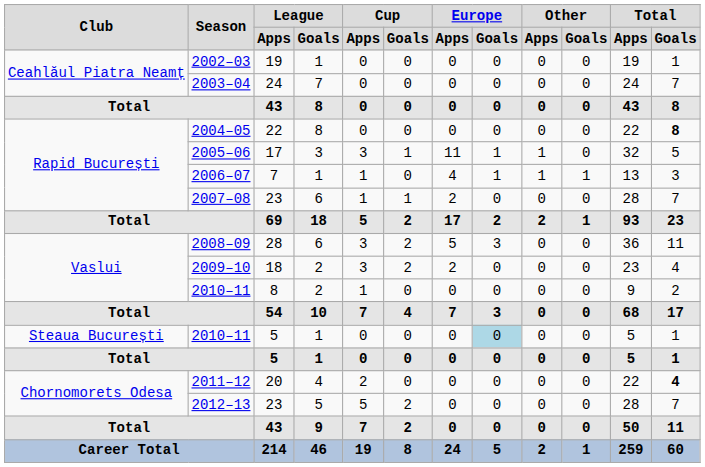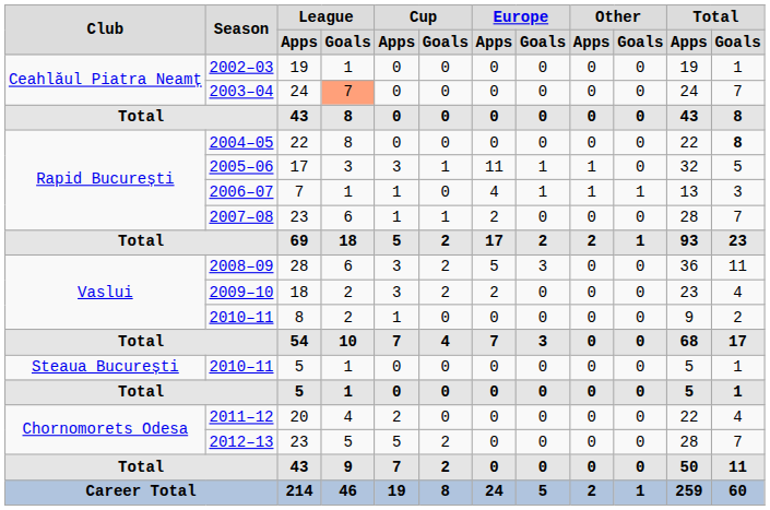 <table class="wikitable" style="text-align: center;">
 <tr>
 <th style="background: #DCDCDC; text-align: center" rowspan="2"><strong>Club</strong></th>
 <th style="background: #DCDCDC; text-align: center" rowspan="2"><strong>Season</strong></th>
 <th style="background: #DCDCDC; text-align: center" colspan="2"><strong>League</strong></th>
 <th style="background: #DCDCDC; text-align: center" colspan="2"><strong>Cup</strong></th>
 <th style="background: #DCDCDC; text-align: center" colspan="2"><a href='#'>Europe</a></th>
 <th style="background: #DCDCDC; text-align: center" colspan="2"><strong>Other</strong></th>
 <th style="background: #DCDCDC; text-align: center" colspan="3"><strong>Total</strong></th>
 </tr>
 <tr>
 <th style="background:#dcdcdc; text-align:center;">Apps</th>
 <th style="background:#dcdcdc; text-align:center;">Goals</th>
 <th style="background:#dcdcdc; text-align:center;">Apps</th>
 <th style="background:#dcdcdc; text-align:center;">Goals</th>
 <th style="background:#dcdcdc; text-align:center;">Apps</th>
 <th style="background:#dcdcdc; text-align:center;">Goals</th>
 <th style="background:#dcdcdc; text-align:center;">Apps</th>
 <th style="background:#dcdcdc; text-align:center;">Goals</th>
 <th style="background:#dcdcdc; text-align:center;">Apps</th>
 <th style="background:#dcdcdc; text-align:center;">Goals</th>
 </tr>
 <tr>
 <td rowspan="2"><a href='#'>Ceahlăul Piatra Neamț</a></td>
 <td><a href='#'>2002–03</a></td>
 <td>19</td>
 <td>1</td>
 <td>0</td>
 <td>0</td>
 <td>0</td>
 <td>0</td>
 <td>0</td>
 <td>0</td>
 <td>19</td>
 <td>1</td>
 </tr>
 <tr>
 <td><a href='#'>2003–04</a></td>
 <td>24</td>
-<td>7</td>
+<td style="background: lightsalmon;">7</td>
 <td>0</td>
 <td>0</td>
 <td>0</td>
 <td>0</td>
 <td>0</td>
 <td>0</td>
 <td>24</td>
 <td>7</td>
 </tr>
 <tr>
 <th style="background: #E5E5E5; text-align: center" colspan="2">Total</th>
 <th style="background:#e5e5e5; text-align:center;">43</th>
 <th style="background:#e5e5e5; text-align:center;">8</th>
 <th style="background:#e5e5e5; text-align:center;">0</th>
 <th style="background:#e5e5e5; text-align:center;">0</th>
 <th style="background:#e5e5e5; text-align:center;">0</th>
 <th style="background:#e5e5e5; text-align:center;">0</th>
 <th style="background:#e5e5e5; text-align:center;">0</th>
 <th style="background:#e5e5e5; text-align:center;">0</th>
 <th style="background:#e5e5e5; text-align:center;">43</th>
 <th style="background:#e5e5e5; text-align:center;">8</th>
 </tr>
 <tr>
 <td rowspan="4"><a href='#'>Rapid București</a></td>
 <td><a href='#'>2004–05</a></td>
 <td>22</td>
 <td>8</td>
 <td>0</td>
 <td>0</td>
 <td>0</td>
 <td>0</td>
 <td>0</td>
 <td>0</td>
 <td>22</td>
 <td><strong>8</strong></td>
 </tr>
 <tr>
 <td><a href='#'>2005–06</a></td>
 <td>17</td>
 <td>3</td>
 <td>3</td>
 <td>1</td>
 <td>11</td>
 <td>1</td>
 <td>1</td>
 <td>0</td>
 <td>32</td>
 <td>5</td>
 </tr>
 <tr>
 <td><a href='#'>2006–07</a></td>
 <td>7</td>
 <td>1</td>
 <td>1</td>
 <td>0</td>
 <td>4</td>
 <td>1</td>
 <td>1</td>
 <td>1</td>
 <td>13</td>
 <td>3</td>
 </tr>
 <tr>
 <td><a href='#'>2007–08</a></td>
 <td>23</td>
 <td>6</td>
 <td>1</td>
 <td>1</td>
 <td>2</td>
 <td>0</td>
 <td>0</td>
 <td>0</td>
 <td>28</td>
 <td>7</td>
 </tr>
 <tr>
 <th style="background: #E5E5E5; text-align: center" colspan="2">Total</th>
 <th style="background:#e5e5e5; text-align:center;">69</th>
 <th style="background:#e5e5e5; text-align:center;">18</th>
 <th style="background:#e5e5e5; text-align:center;">5</th>
 <th style="background:#e5e5e5; text-align:center;">2</th>
 <th style="background:#e5e5e5; text-align:center;">17</th>
 <th style="background:#e5e5e5; text-align:center;">2</th>
 <th style="background:#e5e5e5; text-align:center;">2</th>
 <th style="background:#e5e5e5; text-align:center;">1</th>
 <th style="background:#e5e5e5; text-align:center;">93</th>
 <th style="background:#e5e5e5; text-align:center;">23</th>
 </tr>
 <tr>
 <td rowspan="3"><a href='#'>Vaslui</a></td>
 <td><a href='#'>2008–09</a></td>
 <td>28</td>
 <td>6</td>
 <td>3</td>
 <td>2</td>
 <td>5</td>
 <td>3</td>
 <td>0</td>
 <td>0</td>
 <td>36</td>
 <td>11</td>
 </tr>
 <tr>
 <td><a href='#'>2009–10</a></td>
 <td>18</td>
 <td>2</td>
 <td>3</td>
 <td>2</td>
 <td>2</td>
 <td>0</td>
 <td>0</td>
 <td>0</td>
 <td>23</td>
 <td>4</td>
 </tr>
 <tr>
 <td><a href='#'>2010–11</a></td>
 <td>8</td>
 <td>2</td>
 <td>1</td>
 <td>0</td>
 <td>0</td>
 <td>0</td>
 <td>0</td>
 <td>0</td>
 <td>9</td>
 <td>2</td>
 </tr>
 <tr>
 <th style="background: #E5E5E5; text-align: center" colspan="2">Total</th>
 <th style="background:#e5e5e5; text-align:center;">54</th>
 <th style="background:#e5e5e5; text-align:center;">10</th>
 <th style="background:#e5e5e5; text-align:center;">7</th>
 <th style="background:#e5e5e5; text-align:center;">4</th>
 <th style="background:#e5e5e5; text-align:center;">7</th>
 <th style="background:#e5e5e5; text-align:center;">3</th>
 <th style="background:#e5e5e5; text-align:center;">0</th>
 <th style="background:#e5e5e5; text-align:center;">0</th>
 <th style="background:#e5e5e5; text-align:center;">68</th>
 <th style="background:#e5e5e5; text-align:center;">17</th>
 </tr>
 <tr>
 <td rowspan="1"><a href='#'>Steaua București</a></td>
 <td><a href='#'>2010–11</a></td>
 <td>5</td>
 <td>1</td>
 <td>0</td>
 <td>0</td>
 <td>0</td>
-<td style="background: lightblue;">0</td>
+<td>0</td>
 <td>0</td>
 <td>0</td>
 <td>5</td>
 <td>1</td>
 </tr>
 <tr>
 <th style="background: #E5E5E5; text-align: center" colspan="2">Total</th>
 <th style="background:#e5e5e5; text-align:center;">5</th>
 <th style="background:#e5e5e5; text-align:center;">1</th>
 <th style="background:#e5e5e5; text-align:center;">0</th>
 <th style="background:#e5e5e5; text-align:center;">0</th>
 <th style="background:#e5e5e5; text-align:center;">0</th>
 <th style="background:#e5e5e5; text-align:center;">0</th>
 <th style="background:#e5e5e5; text-align:center;">0</th>
 <th style="background:#e5e5e5; text-align:center;">0</th>
 <th style="background:#e5e5e5; text-align:center;">5</th>
 <th style="background:#e5e5e5; text-align:center;">1</th>
 </tr>
 <tr>
 <td rowspan="2"><a href='#'>Chornomorets Odesa</a></td>
 <td><a href='#'>2011–12</a></td>
 <td>20</td>
 <td>4</td>
 <td>2</td>
 <td>0</td>
 <td>0</td>
 <td>0</td>
 <td>0</td>
 <td>0</td>
 <td>22</td>
-<td><strong>4</strong></td>
+<td>4</td>
 </tr>
 <tr>
 <td><a href='#'>2012–13</a></td>
 <td>23</td>
 <td>5</td>
 <td>5</td>
 <td>2</td>
 <td>0</td>
 <td>0</td>
 <td>0</td>
 <td>0</td>
 <td>28</td>
 <td>7</td>
 </tr>
 <tr>
 <th style="background: #E5E5E5; text-align: center" colspan="2">Total</th>
 <th style="background:#e5e5e5; text-align:center;">43</th>
 <th style="background:#e5e5e5; text-align:center;">9</th>
 <th style="background:#e5e5e5; text-align:center;">7</th>
 <th style="background:#e5e5e5; text-align:center;">2</th>
 <th style="background:#e5e5e5; text-align:center;">0</th>
 <th style="background:#e5e5e5; text-align:center;">0</th>
 <th style="background:#e5e5e5; text-align:center;">0</th>
 <th style="background:#e5e5e5; text-align:center;">0</th>
 <th style="background:#e5e5e5; text-align:center;">50</th>
 <th style="background:#e5e5e5; text-align:center;">11</th>
 </tr>
 <tr>
 <th style="background: #b0c4de; text-align: center" colspan="2"><strong>Career Total</strong></th>
 <th style="background:#b0c4de; text-align:center;">214</th>
 <th style="background:#b0c4de; text-align:center;">46</th>
 <th style="background:#b0c4de; text-align:center;">19</th>
 <th style="background:#b0c4de; text-align:center;">8</th>
 <th style="background:#b0c4de; text-align:center;">24</th>
 <th style="background:#b0c4de; text-align:center;">5</th>
 <th style="background:#b0c4de; text-align:center;">2</th>
 <th style="background:#b0c4de; text-align:center;">1</th>
 <th style="background:#b0c4de; text-align:center;">259</th>
 <th style="background:#b0c4de; text-align:center;">60</th>
 </tr>
 </table>
